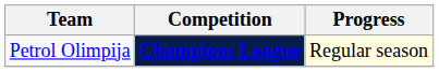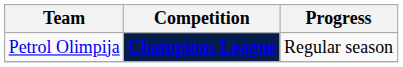 <table class="wikitable sortable">
 <tr>
 <th>Team</th>
 <th>Competition</th>
 <th>Progress</th>
 </tr>
 <tr>
 <td><a href='#'>Petrol Olimpija</a></td>
 <td style="background-color:#071D49;color:#D0D3D4;text-align:center"><strong><a href='#'><span>Champions League</span></a></strong></td>
-<td style="background: lightyellow;">Regular season</td>
+<td>Regular season</td>
 </tr>
 <tr>
 </tr>
 </table>
